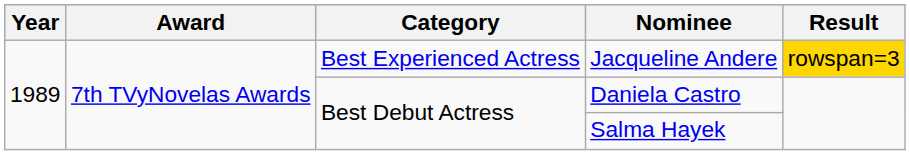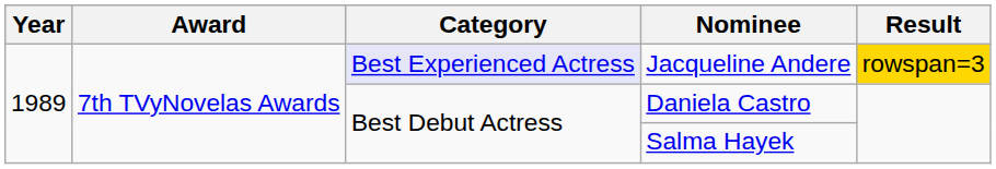 <table class="wikitable">
 <tr style="background:#b0c4de;">
 <th>Year</th>
 <th>Award</th>
 <th>Category</th>
 <th>Nominee</th>
 <th>Result</th>
 </tr>
 <tr>
 <td rowspan=3>1989</td>
 <td rowspan=3><a href='#'>7th TVyNovelas Awards</a></td>
-<td><a href='#'>Best Experienced Actress</a></td>
+<td style="background: lavender;"><a href='#'>Best Experienced Actress</a></td>
 <td><a href='#'>Jacqueline Andere</a></td>
 <td style="background: gold;">rowspan=3 </td>
 </tr>
 <tr>
 <td rowspan=2>Best Debut Actress</td>
 <td><a href='#'>Daniela Castro</a></td>
 </tr>
 <tr>
 <td><a href='#'>Salma Hayek</a></td>
 </tr>
 </table>
